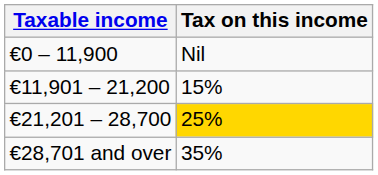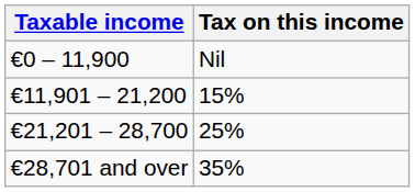 <table class="wikitable">
 <tr>
 <th><a href='#'>Taxable income</a></th>
 <th>Tax on this income</th>
 </tr>
 <tr>
 <td>€0 – 11,900</td>
 <td>Nil</td>
 </tr>
 <tr>
 <td>€11,901 – 21,200</td>
 <td>15%</td>
 </tr>
 <tr>
 <td>€21,201 – 28,700</td>
-<td style="background: gold;">25%</td>
+<td>25%</td>
 </tr>
 <tr>
 <td>€28,701 and over</td>
 <td>35%</td>
 </tr>
 </table>
